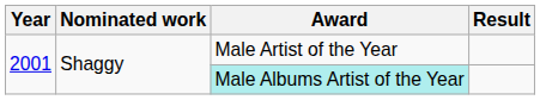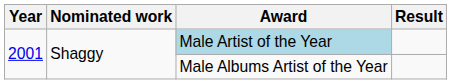 <table class="wikitable">
 <tr>
 <th>Year</th>
 <th>Nominated work</th>
 <th>Award</th>
 <th>Result</th>
 </tr>
 <tr>
 <td rowspan=3 align=center><a href='#'>2001</a></td>
 <td rowspan=3>Shaggy</td>
-<td>Male Artist of the Year</td>
+<td style="background: lightblue;">Male Artist of the Year</td>
 <td></td>
 </tr>
 <tr>
-<td style="background: paleturquoise;">Male Albums Artist of the Year</td>
+<td>Male Albums Artist of the Year</td>
 <td></td>
 </tr>
 </table>
